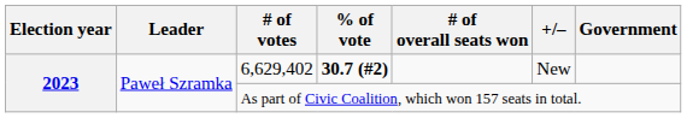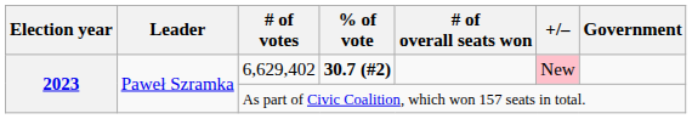 <table class=wikitable>
 <tr>
 <th>Election year</th>
 <th>Leader</th>
 <th># of<br>votes</th>
 <th>% of<br>vote</th>
 <th># of<br>overall seats won</th>
 <th>+/–</th>
 <th>Government</th>
 </tr>
 <tr>
 <th rowspan="2"><a href='#'>2023</a></th>
 <td rowspan="2"><a href='#'>Paweł Szramka</a></td>
 <td>6,629,402</td>
 <td><strong>30.7 (#2)</strong></td>
 <td></td>
-<td>New</td>
+<td style="background: pink;">New</td>
 <td></td>
 </tr>
 <tr>
 <td colspan="6"><small>As part of <a href='#'>Civic Coalition</a>, which won 157 seats in total.</small></td>
 </tr>
 </table>
